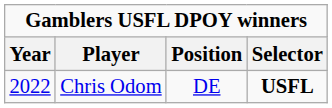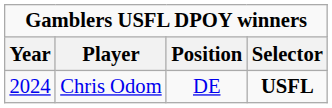 <table class="wikitable" style="text-align:center">
 <tr>
 <td colspan="4" align="center"><strong>Gamblers USFL DPOY winners</strong></td>
 </tr>
 <tr>
 <th>Year</th>
 <th>Player</th>
 <th>Position</th>
 <th>Selector</th>
 </tr>
 <tr>
-<td><a href='#'>2022</a></td>
+<td><a href='#'>2024</a></td>
 <td><a href='#'>Chris Odom</a></td>
 <td><a href='#'>DE</a></td>
 <td><strong>USFL</strong></td>
 </tr>
 </table>
